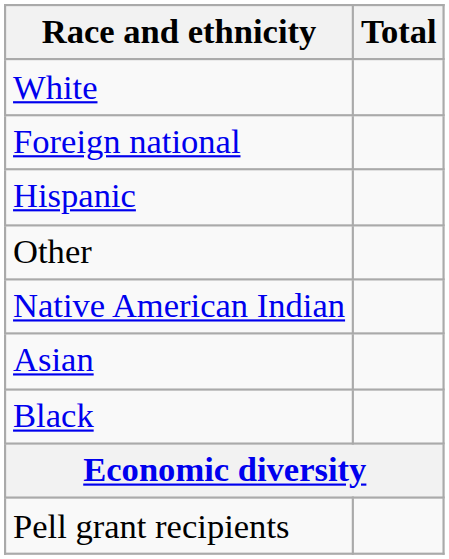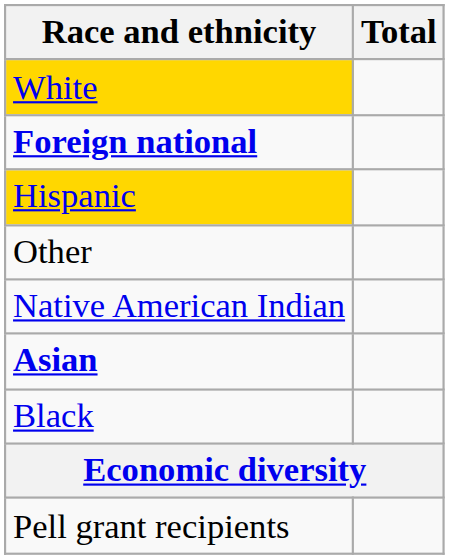 <table class="wikitable floatright sortable collapsible"; text-align:right; font-size:80%;">
 <tr>
 <th>Race and ethnicity</th>
 <th colspan="2" data-sort-type=number>Total</th>
 </tr>
 <tr>
-<td><a href='#'>White</a></td>
+<td style="background: gold;"><a href='#'>White</a></td>
 <td align=right></td>
 </tr>
 <tr>
-<td><a href='#'>Foreign national</a></td>
+<td><strong><a href='#'>Foreign national</a></strong></td>
 <td align=right></td>
 </tr>
 <tr>
-<td><a href='#'>Hispanic</a></td>
+<td style="background: gold;"><a href='#'>Hispanic</a></td>
 <td align=right></td>
 </tr>
 <tr>
 <td>Other</td>
 <td align=right></td>
 </tr>
 <tr>
 <td><a href='#'>Native American Indian</a></td>
 <td align=right></td>
 </tr>
 <tr>
-<td><a href='#'>Asian</a></td>
+<td><strong><a href='#'>Asian</a></strong></td>
 <td align=right></td>
 </tr>
 <tr>
 <td><a href='#'>Black</a></td>
 <td align=right></td>
 </tr>
 <tr>
 <th colspan="4" data-sort-type=number><a href='#'>Economic diversity</a></th>
 </tr>
 <tr>
 <td>Pell grant recipients</td>
 <td align=right></td>
 </tr>
 </table>
